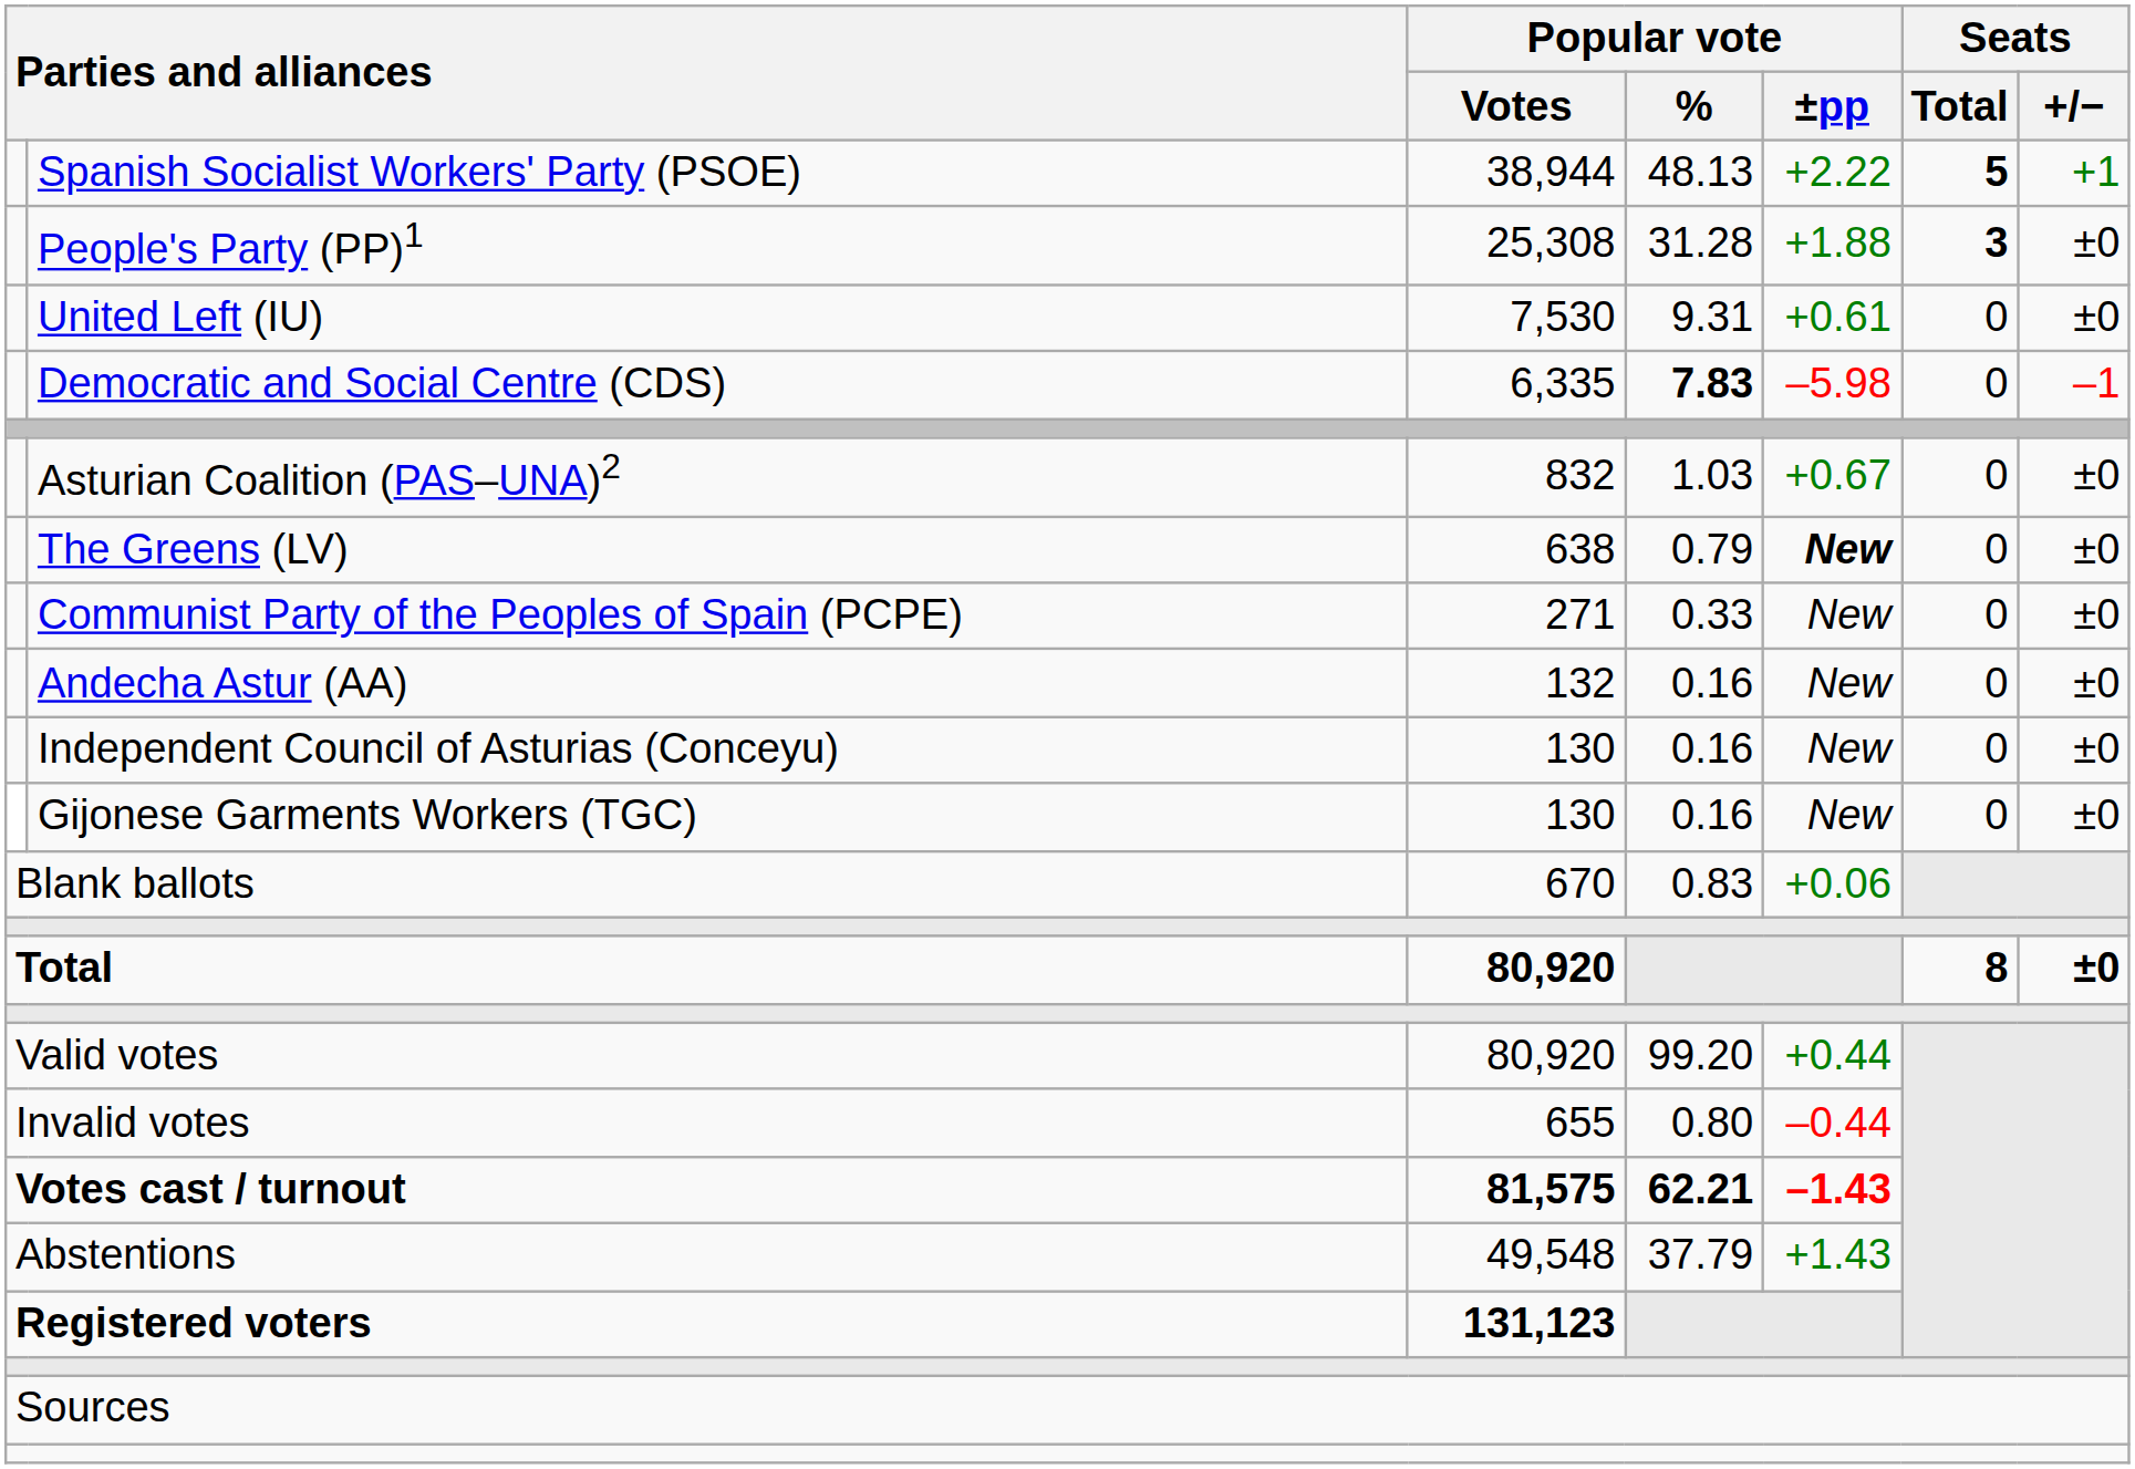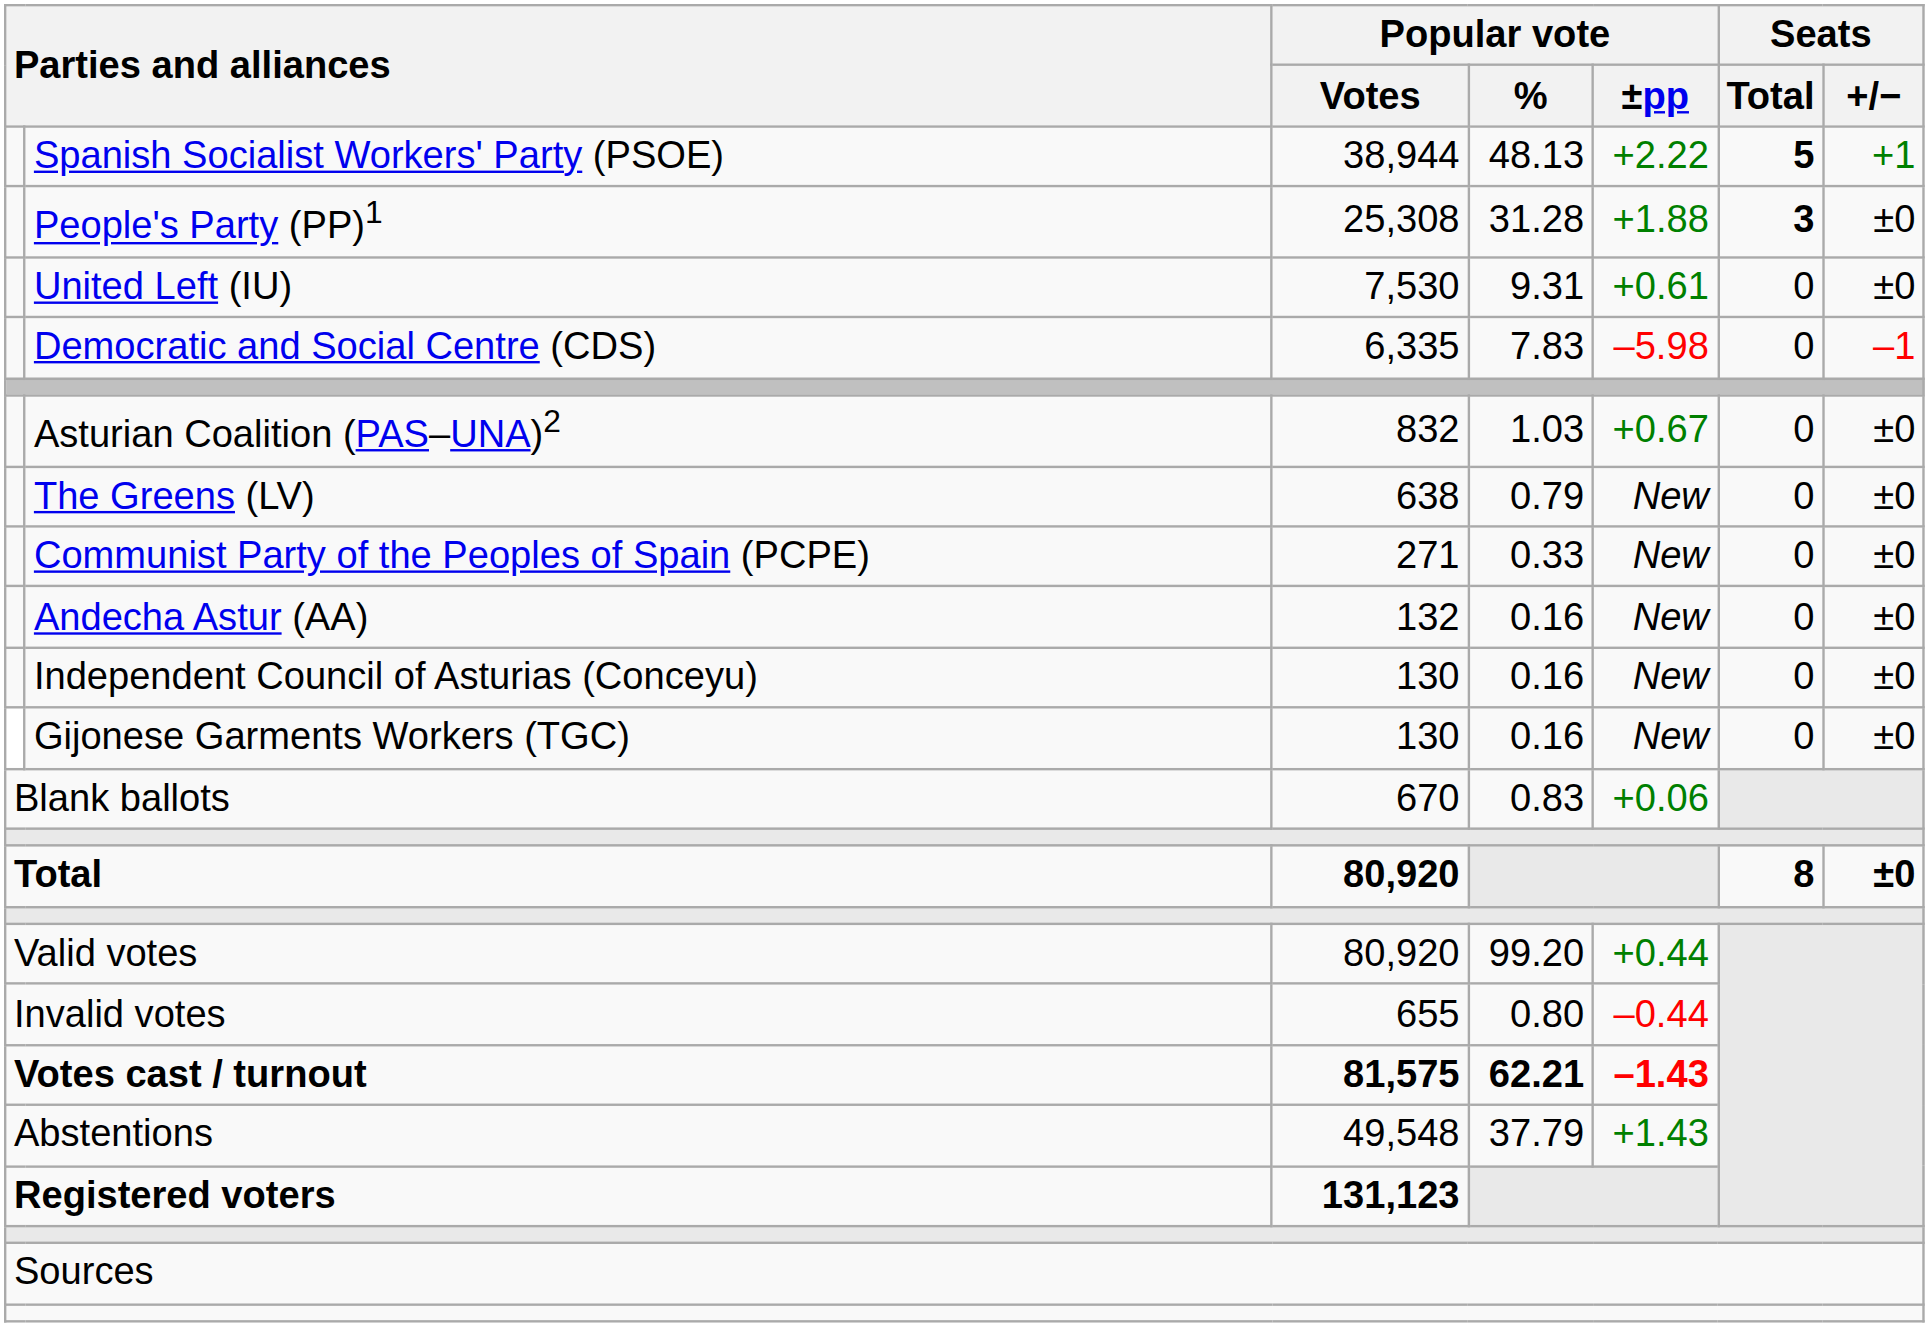 <table class="wikitable" style="text-align:right;">
 <tr>
 <th style="text-align:left;" rowspan="2" colspan="2" width="525">Parties and alliances</th>
 <th colspan="3">Popular vote</th>
 <th colspan="2">Seats</th>
 </tr>
 <tr>
 <th width="75">Votes</th>
 <th width="45">%</th>
 <th width="45">±<a href='#'>pp</a></th>
 <th width="35">Total</th>
 <th width="35">+/−</th>
 </tr>
 <tr>
 <td width="1" style="color:inherit;background:"></td>
 <td align="left"><a href='#'>Spanish Socialist Workers' Party</a> (PSOE)</td>
 <td>38,944</td>
 <td>48.13</td>
 <td style="color:green;">+2.22</td>
 <td><strong>5</strong></td>
 <td style="color:green;">+1</td>
 </tr>
 <tr>
 <td style="color:inherit;background:"></td>
 <td align="left"><a href='#'>People's Party</a> (PP)<sup>1</sup></td>
 <td>25,308</td>
 <td>31.28</td>
 <td style="color:green;">+1.88</td>
 <td><strong>3</strong></td>
 <td>±0</td>
 </tr>
 <tr>
 <td style="color:inherit;background:"></td>
 <td align="left"><a href='#'>United Left</a> (IU)</td>
 <td>7,530</td>
 <td>9.31</td>
 <td style="color:green;">+0.61</td>
 <td>0</td>
 <td>±0</td>
 </tr>
 <tr>
 <td style="color:inherit;background:"></td>
 <td align="left"><a href='#'>Democratic and Social Centre</a> (CDS)</td>
 <td>6,335</td>
-<td><strong>7.83</strong></td>
+<td>7.83</td>
 <td style="color:red;">–5.98</td>
 <td>0</td>
 <td style="color:red;">–1</td>
 </tr>
 <tr>
 <td colspan="7" bgcolor="#C0C0C0"></td>
 </tr>
 <tr>
 <td style="color:inherit;background:"></td>
 <td align="left">Asturian Coalition (<a href='#'>PAS</a>–<a href='#'>UNA</a>)<sup>2</sup></td>
 <td>832</td>
 <td>1.03</td>
 <td style="color:green;">+0.67</td>
 <td>0</td>
 <td>±0</td>
 </tr>
 <tr>
 <td style="color:inherit;background:"></td>
 <td align="left"><a href='#'>The Greens</a> (LV)</td>
 <td>638</td>
 <td>0.79</td>
-<td><strong><em>New</em></strong></td>
+<td><em>New</em></td>
 <td>0</td>
 <td>±0</td>
 </tr>
 <tr>
 <td style="color:inherit;background:"></td>
 <td align="left"><a href='#'>Communist Party of the Peoples of Spain</a> (PCPE)</td>
 <td>271</td>
 <td>0.33</td>
 <td><em>New</em></td>
 <td>0</td>
 <td>±0</td>
 </tr>
 <tr>
 <td style="color:inherit;background:"></td>
 <td align="left"><a href='#'>Andecha Astur</a> (AA)</td>
 <td>132</td>
 <td>0.16</td>
 <td><em>New</em></td>
 <td>0</td>
 <td>±0</td>
 </tr>
 <tr>
 <td style="color:inherit;background:"></td>
 <td align="left">Independent Council of Asturias (Conceyu)</td>
 <td>130</td>
 <td>0.16</td>
 <td><em>New</em></td>
 <td>0</td>
 <td>±0</td>
 </tr>
 <tr>
 <td bgcolor="white"></td>
 <td align="left">Gijonese Garments Workers (TGC)</td>
 <td>130</td>
 <td>0.16</td>
 <td><em>New</em></td>
 <td>0</td>
 <td>±0</td>
 </tr>
 <tr>
 <td align="left" colspan="2">Blank ballots</td>
 <td>670</td>
 <td>0.83</td>
 <td style="color:green;">+0.06</td>
 <td bgcolor="#E9E9E9" colspan="2"></td>
 </tr>
 <tr>
 <td colspan="7" bgcolor="#E9E9E9"></td>
 </tr>
 <tr style="font-weight:bold;">
 <td align="left" colspan="2">Total</td>
 <td>80,920</td>
 <td bgcolor="#E9E9E9" colspan="2"></td>
 <td>8</td>
 <td>±0</td>
 </tr>
 <tr>
 <td colspan="7" bgcolor="#E9E9E9"></td>
 </tr>
 <tr>
 <td align="left" colspan="2">Valid votes</td>
 <td>80,920</td>
 <td>99.20</td>
 <td style="color:green;">+0.44</td>
 <td bgcolor="#E9E9E9" colspan="2" rowspan="5"></td>
 </tr>
 <tr>
 <td align="left" colspan="2">Invalid votes</td>
 <td>655</td>
 <td>0.80</td>
 <td style="color:red;">–0.44</td>
 </tr>
 <tr style="font-weight:bold;">
 <td align="left" colspan="2">Votes cast / turnout</td>
 <td>81,575</td>
 <td>62.21</td>
 <td style="color:red;">–1.43</td>
 </tr>
 <tr>
 <td align="left" colspan="2">Abstentions</td>
 <td>49,548</td>
 <td>37.79</td>
 <td style="color:green;">+1.43</td>
 </tr>
 <tr style="font-weight:bold;">
 <td align="left" colspan="2">Registered voters</td>
 <td>131,123</td>
 <td bgcolor="#E9E9E9" colspan="2"></td>
 </tr>
 <tr>
 <td colspan="7" bgcolor="#E9E9E9"></td>
 </tr>
 <tr>
 <td align="left" colspan="7">Sources</td>
 </tr>
 <tr>
 <td colspan="7" style="text-align:left; max-width:790px;"></td>
 </tr>
 </table>
